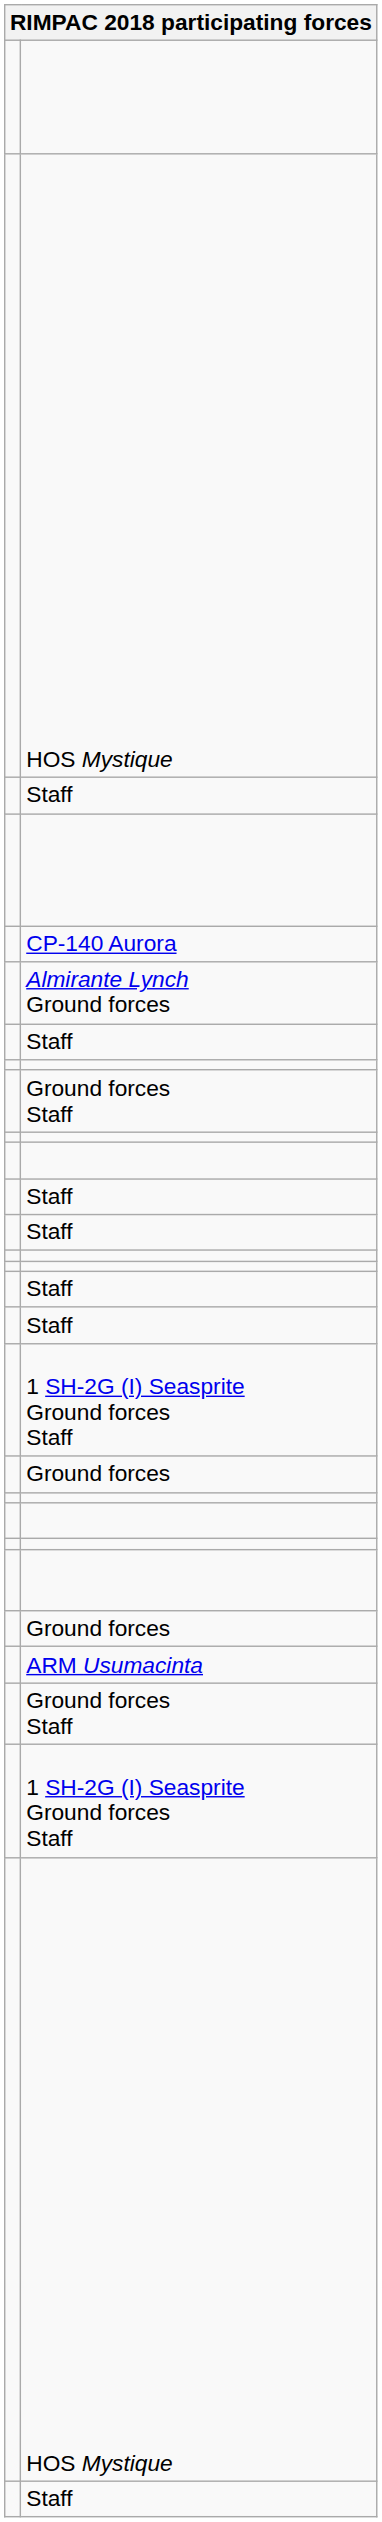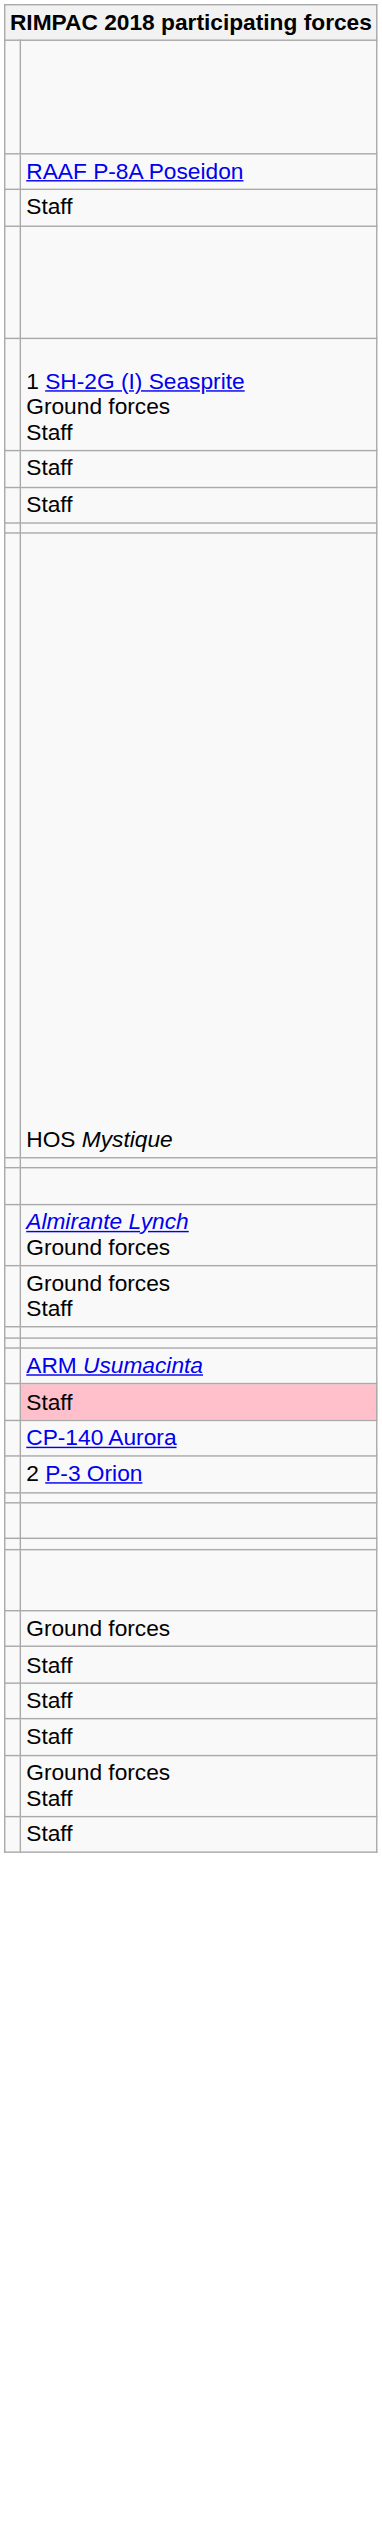 <table class="wikitable collapsible collapsed">
 <tr>
 <th colspan="2">RIMPAC 2018 participating forces</th>
 </tr>
 <tr>
 <td></td>
 <td><br> <br> <br> <br> </td>
 </tr>
 <tr>
 <td></td>
-<td><br> <br> <br> <br> <br> <br> <br> <br> <br><br> <br> <br> <br> <br> <br> <br> <br> <br> <br> <br> <br> <br> <br> HOS <em>Mystique</em></td>
+<td><a href='#'>RAAF P-8A Poseidon</a></td>
 </tr>
 <tr>
 <td></td>
 <td>Staff</td>
 </tr>
 <tr>
 <td></td>
 <td><br> <br> <br><br> </td>
 </tr>
 <tr>
 <td></td>
-<td><a href='#'>CP-140 Aurora</a></td>
-</tr>
-<tr>
-<td></td>
-<td><a href='#'><em>Almirante Lynch</em></a><br> Ground forces</td>
-</tr>
-<tr>
-<td></td>
-<td>Staff</td>
-</tr>
-<tr>
-<td></td>
-<td></td>
-</tr>
-<tr>
-<td></td>
-<td>Ground forces<br> Staff</td>
-</tr>
-<tr>
-<td></td>
-<td></td>
-</tr>
-<tr>
-<td></td>
-<td><br> </td>
+<td><br> 1 <a href='#'>SH-2G (I) Seasprite</a><br> Ground forces<br> Staff</td>
 </tr>
 <tr>
 <td></td>
 <td>Staff</td>
 </tr>
 <tr>
 <td></td>
 <td>Staff</td>
 </tr>
 <tr>
 <td></td>
 <td></td>
 </tr>
 <tr>
 <td></td>
+<td><br> <br> <br> <br> <br> <br> <br> <br> <br><br> <br> <br> <br> <br> <br> <br> <br> <br> <br> <br> <br> <br> <br> HOS <em>Mystique</em></td>
+</tr>
+<tr>
+<td></td>
 <td></td>
 </tr>
 <tr>
 <td></td>
-<td>Staff</td>
+<td><br> </td>
 </tr>
 <tr>
 <td></td>
-<td>Staff</td>
+<td><a href='#'><em>Almirante Lynch</em></a><br> Ground forces</td>
 </tr>
 <tr>
 <td></td>
-<td><br> 1 <a href='#'>SH-2G (I) Seasprite</a><br> Ground forces<br> Staff</td>
+<td>Ground forces<br> Staff</td>
 </tr>
 <tr>
 <td></td>
-<td>Ground forces</td>
+<td></td>
+</tr>
+<tr>
+<td></td>
+<td></td>
+</tr>
+<tr>
+<td></td>
+<td><a href='#'>ARM <em>Usumacinta</em></a></td>
+</tr>
+<tr>
+<td></td>
+<td style="background: pink;">Staff</td>
+</tr>
+<tr>
+<td></td>
+<td><a href='#'>CP-140 Aurora</a></td>
+</tr>
+<tr>
+<td></td>
+<td>2 <a href='#'>P-3 Orion</a></td>
 </tr>
 <tr>
 <td></td>
 <td></td>
 </tr>
 <tr>
 <td></td>
 <td><br> </td>
 </tr>
 <tr>
 <td></td>
 <td></td>
 </tr>
 <tr>
 <td></td>
 <td><br><br></td>
 </tr>
 <tr>
 <td></td>
 <td>Ground forces</td>
 </tr>
 <tr>
 <td></td>
-<td><a href='#'>ARM <em>Usumacinta</em></a></td>
+<td>Staff</td>
+</tr>
+<tr>
+<td></td>
+<td>Staff</td>
+</tr>
+<tr>
+<td></td>
+<td>Staff</td>
 </tr>
 <tr>
 <td></td>
 <td>Ground forces<br> Staff</td>
 </tr>
 <tr>
 <td></td>
-<td><br> 1 <a href='#'>SH-2G (I) Seasprite</a><br> Ground forces<br> Staff</td>
-</tr>
-<tr>
-<td></td>
-<td><br> <br> <br> <br> <br> <br> <br> <br> <br><br> <br> <br> <br> <br> <br> <br> <br> <br> <br> <br> <br> <br> <br> HOS <em>Mystique</em></td>
-</tr>
-<tr>
-<td></td>
 <td>Staff</td>
 </tr>
 </table>
